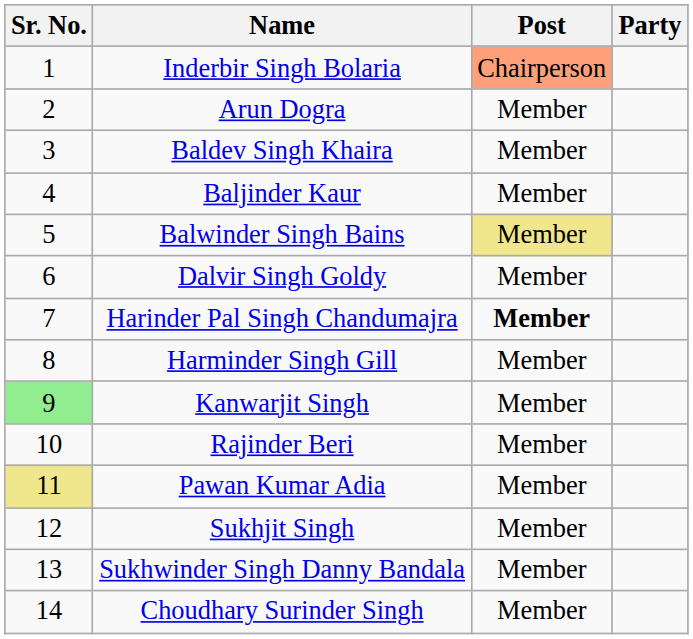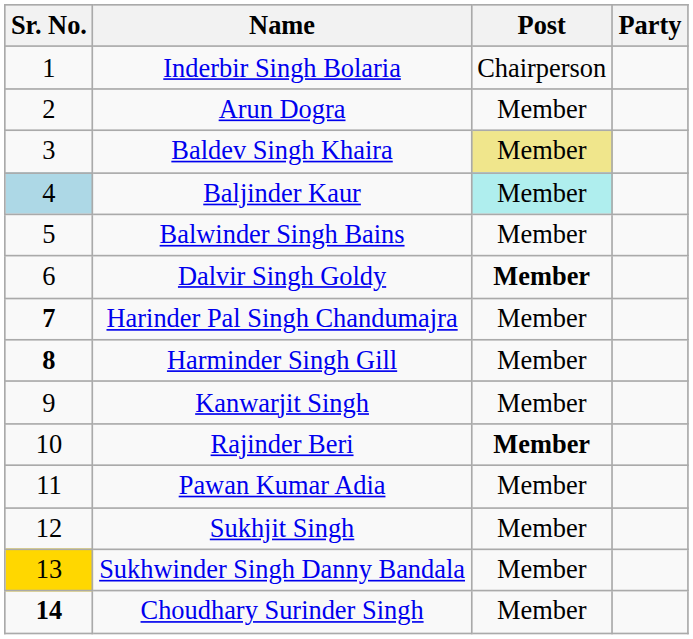 <table class="wikitable sortable">
 <tr>
 <th>Sr. No.</th>
 <th>Name</th>
 <th>Post</th>
 <th colspan="2">Party</th>
 </tr>
 <tr align="center">
 <td>1</td>
 <td><a href='#'>Inderbir Singh Bolaria</a></td>
-<td style="background: lightsalmon;">Chairperson</td>
+<td>Chairperson</td>
 <td></td>
 </tr>
 <tr align="center">
 <td>2</td>
 <td><a href='#'>Arun Dogra</a></td>
 <td>Member</td>
 <td></td>
 </tr>
 <tr align="center">
 <td>3</td>
 <td><a href='#'>Baldev Singh Khaira</a></td>
-<td>Member</td>
+<td style="background: khaki;">Member</td>
 <td></td>
 </tr>
 <tr align="center">
-<td>4</td>
+<td style="background: lightblue;">4</td>
 <td><a href='#'>Baljinder Kaur</a></td>
-<td>Member</td>
+<td style="background: paleturquoise;">Member</td>
 <td></td>
 </tr>
 <tr align="center">
 <td>5</td>
 <td><a href='#'>Balwinder Singh Bains</a></td>
-<td style="background: khaki;">Member</td>
+<td>Member</td>
 <td></td>
 </tr>
 <tr align="center">
 <td>6</td>
 <td><a href='#'>Dalvir Singh Goldy</a></td>
+<td><strong>Member</strong></td>
+<td></td>
+</tr>
+<tr align="center">
+<td><strong>7</strong></td>
+<td><a href='#'>Harinder Pal Singh Chandumajra</a></td>
 <td>Member</td>
 <td></td>
 </tr>
 <tr align="center">
-<td>7</td>
-<td><a href='#'>Harinder Pal Singh Chandumajra</a></td>
-<td><strong>Member</strong></td>
-<td></td>
-</tr>
-<tr align="center">
-<td>8</td>
+<td><strong>8</strong></td>
 <td><a href='#'>Harminder Singh Gill</a></td>
 <td>Member</td>
 <td></td>
 </tr>
 <tr align="center">
-<td style="background: lightgreen;">9</td>
+<td>9</td>
 <td><a href='#'>Kanwarjit Singh</a></td>
 <td>Member</td>
 <td></td>
 </tr>
 <tr align="center">
 <td>10</td>
 <td><a href='#'>Rajinder Beri</a></td>
-<td>Member</td>
+<td><strong>Member</strong></td>
 <td></td>
 </tr>
 <tr align="center">
-<td style="background: khaki;">11</td>
+<td>11</td>
 <td><a href='#'>Pawan Kumar Adia</a></td>
 <td>Member</td>
 <td></td>
 </tr>
 <tr align="center">
 <td>12</td>
 <td><a href='#'>Sukhjit Singh</a></td>
 <td>Member</td>
 <td></td>
 </tr>
 <tr align="center">
-<td>13</td>
+<td style="background: gold;">13</td>
 <td><a href='#'>Sukhwinder Singh Danny Bandala</a></td>
 <td>Member</td>
 <td></td>
 </tr>
 <tr align="center">
-<td>14</td>
+<td><strong>14</strong></td>
 <td><a href='#'>Choudhary Surinder Singh</a></td>
 <td>Member</td>
 <td></td>
 </tr>
 </table>
